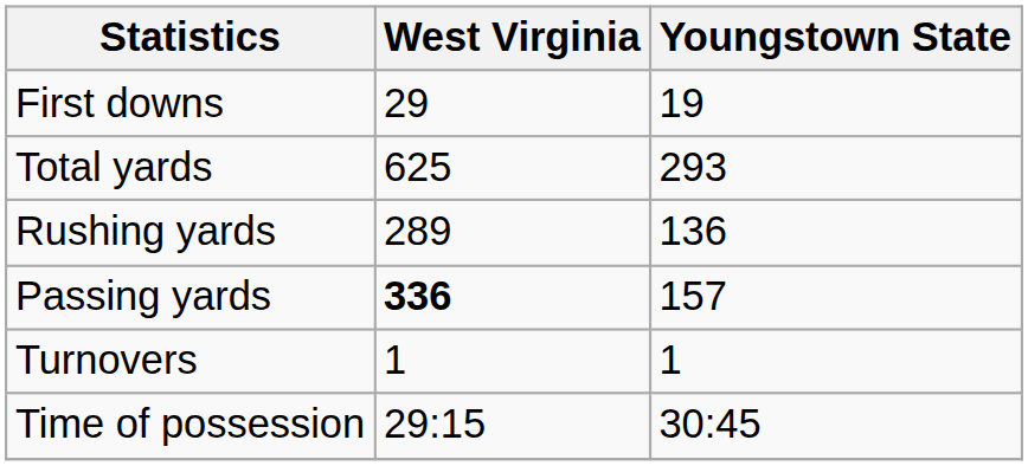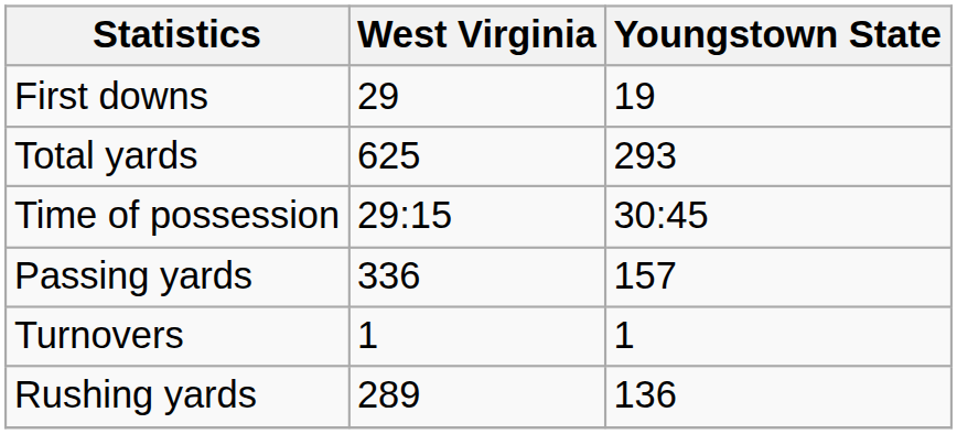 <table class="wikitable" style="float: left;">
 <tr>
 <th>Statistics</th>
 <th>West Virginia</th>
 <th>Youngstown State</th>
 </tr>
 <tr>
 <td>First downs</td>
 <td>29</td>
 <td>19</td>
 </tr>
 <tr>
 <td>Total yards</td>
 <td>625</td>
 <td>293</td>
 </tr>
 <tr>
-<td>Rushing yards</td>
-<td>289</td>
-<td>136</td>
+<td>Time of possession</td>
+<td>29:15</td>
+<td>30:45</td>
 </tr>
 <tr>
 <td>Passing yards</td>
-<td><strong>336</strong></td>
+<td>336</td>
 <td>157</td>
 </tr>
 <tr>
 <td>Turnovers</td>
 <td>1</td>
 <td>1</td>
 </tr>
 <tr>
-<td>Time of possession</td>
-<td>29:15</td>
-<td>30:45</td>
+<td>Rushing yards</td>
+<td>289</td>
+<td>136</td>
 </tr>
 <tr>
 </tr>
 </table>
